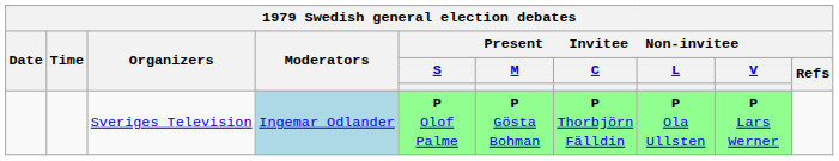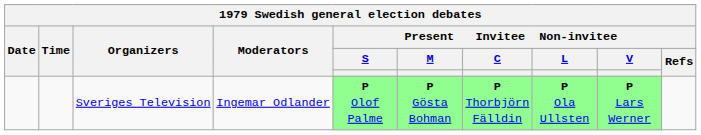 <table class="wikitable" style="font-size:85%; line-height:15px; text-align:center;">
 <tr>
 <th colspan="10">1979 Swedish general election debates</th>
 </tr>
 <tr>
 <th rowspan="3">Date</th>
 <th rowspan="3">Time</th>
 <th rowspan="3">Organizers</th>
 <th rowspan="3">Moderators</th>
 <th colspan="6"> Present    Invitee  Non-invitee </th>
 </tr>
 <tr>
 <th scope="col" style="width:5em;"><a href='#'>S</a></th>
 <th scope="col" style="width:5em;"><a href='#'>M</a></th>
 <th scope="col" style="width:5em;"><a href='#'>C</a></th>
 <th scope="col" style="width:5em;"><a href='#'>L</a></th>
 <th scope="col" style="width:5em;"><a href='#'>V</a></th>
 <th rowspan="2">Refs</th>
 </tr>
 <tr>
 <th style="background:"></th>
 <th style="background:"></th>
 <th style="background:"></th>
 <th style="background:"></th>
 <th style="background:"></th>
 </tr>
 <tr>
 <td></td>
 <td></td>
 <td><a href='#'>Sveriges Television</a></td>
-<td style="background: lightblue;"><a href='#'>Ingemar Odlander</a></td>
+<td><a href='#'>Ingemar Odlander</a></td>
 <td style="background:#90FF90"><strong>P</strong><br><a href='#'>Olof Palme</a></td>
 <td style="background:#90FF90"><strong>P</strong><br><a href='#'>Gösta Bohman</a></td>
 <td style="background:#90FF90"><strong>P</strong><br><a href='#'>Thorbjörn Fälldin</a></td>
 <td style="background:#90FF90"><strong>P</strong><br><a href='#'>Ola Ullsten</a></td>
 <td style="background:#90FF90"><strong>P</strong><br><a href='#'>Lars Werner</a></td>
 <td></td>
 </tr>
 </table>
